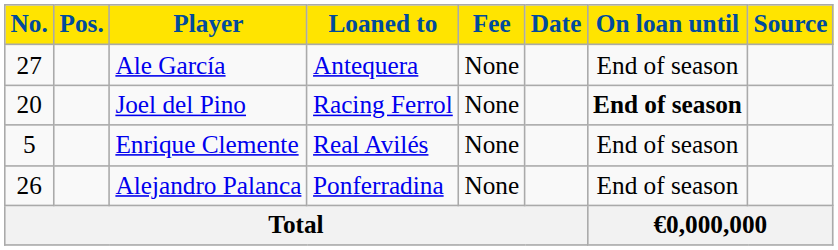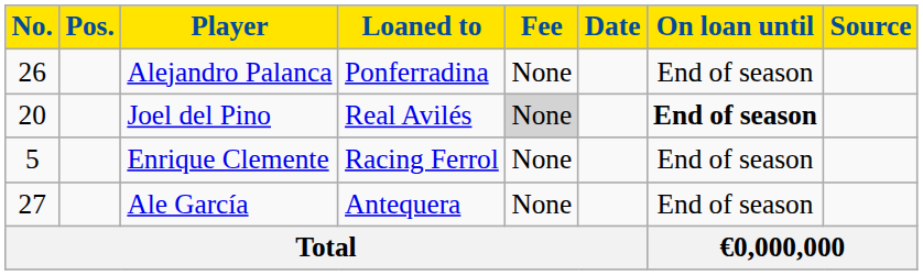 <table class="wikitable plainrowheaders sortable">
 <tr>
 <th style="background:#ffe400; color:#004b9d; ">No.</th>
 <th style="background:#ffe400; color:#004b9d; ">Pos.</th>
 <th style="background:#ffe400; color:#004b9d; ">Player</th>
 <th style="background:#ffe400; color:#004b9d; ">Loaned to</th>
 <th style="background:#ffe400; color:#004b9d; ">Fee</th>
 <th style="background:#ffe400; color:#004b9d; ">Date</th>
 <th style="background:#ffe400; color:#004b9d; ">On loan until</th>
 <th style="background:#ffe400; color:#004b9d; ">Source</th>
 </tr>
 <tr>
+<td align=center>26</td>
+<td align=center></td>
+<td> <a href='#'>Alejandro Palanca</a></td>
+<td><a href='#'>Ponferradina</a></td>
+<td align=center>None</td>
+<td align=center></td>
+<td align=center>End of season</td>
+<td></td>
+</tr>
+<tr>
+<td align=center>20</td>
+<td align=center></td>
+<td> <a href='#'>Joel del Pino</a></td>
+<td><a href='#'>Real Avilés</a></td>
+<td align=center style="background: lightgrey;">None</td>
+<td align=center></td>
+<td align=center><strong>End of season</strong></td>
+<td></td>
+</tr>
+<tr>
+<td align=center>5</td>
+<td align=center></td>
+<td> <a href='#'>Enrique Clemente</a></td>
+<td><a href='#'>Racing Ferrol</a></td>
+<td align=center>None</td>
+<td align=center></td>
+<td align=center>End of season</td>
+<td></td>
+</tr>
+<tr>
 <td align=center>27</td>
 <td align=center></td>
 <td> <a href='#'>Ale García</a></td>
 <td><a href='#'>Antequera</a></td>
 <td align=center>None</td>
 <td align=center></td>
 <td align=center>End of season</td>
 <td></td>
 </tr>
 <tr>
-<td align=center>20</td>
-<td align=center></td>
-<td> <a href='#'>Joel del Pino</a></td>
-<td><a href='#'>Racing Ferrol</a></td>
-<td align=center>None</td>
-<td align=center></td>
-<td align=center><strong>End of season</strong></td>
-<td></td>
-</tr>
-<tr>
-<td align=center>5</td>
-<td align=center></td>
-<td> <a href='#'>Enrique Clemente</a></td>
-<td><a href='#'>Real Avilés</a></td>
-<td align=center>None</td>
-<td align=center></td>
-<td align=center>End of season</td>
-<td></td>
-</tr>
-<tr>
-<td align=center>26</td>
-<td align=center></td>
-<td> <a href='#'>Alejandro Palanca</a></td>
-<td><a href='#'>Ponferradina</a></td>
-<td align=center>None</td>
-<td align=center></td>
-<td align=center>End of season</td>
-<td></td>
-</tr>
-<tr>
 <th colspan="6">Total</th>
 <th colspan="2">€0,000,000</th>
 </tr>
 </table>
